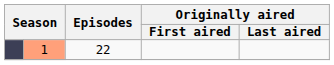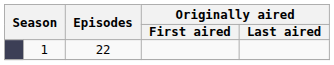 <table class="wikitable" style="text-align: center;">
 <tr>
 <th scope="col" style="padding: 0 8px;" colspan="2" rowspan="2">Season</th>
 <th scope="col" style="padding: 0 8px;" colspan="2" rowspan="2">Episodes</th>
 <th colspan="2">Originally aired</th>
 </tr>
 <tr>
 <th style="padding: 0 8px;">First aired</th>
 <th style="padding: 0 8px;">Last aired</th>
 </tr>
 <tr>
 <td style="background: #3c3f56;"></td>
-<td style="background: lightsalmon;">1</td>
+<td>1</td>
 <td colspan="2">22</td>
 <td></td>
 <td></td>
 </tr>
 <tr>
 </tr>
 </table>
